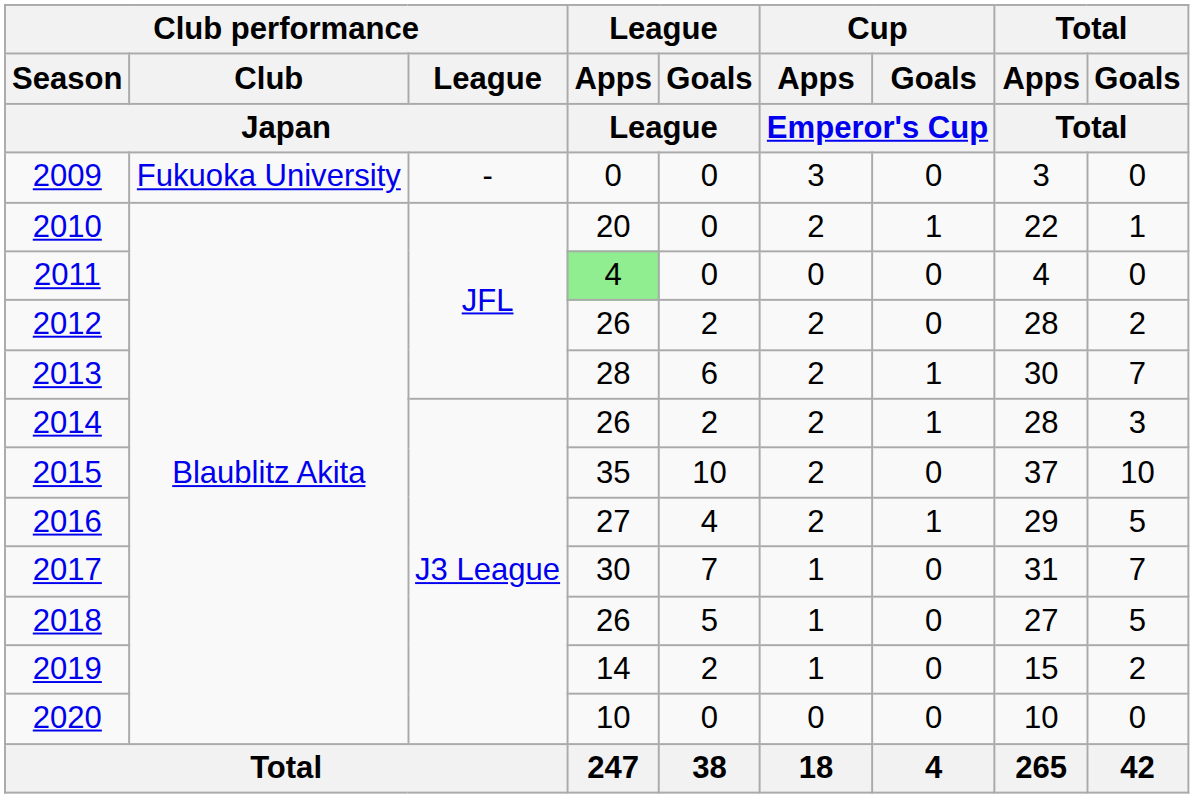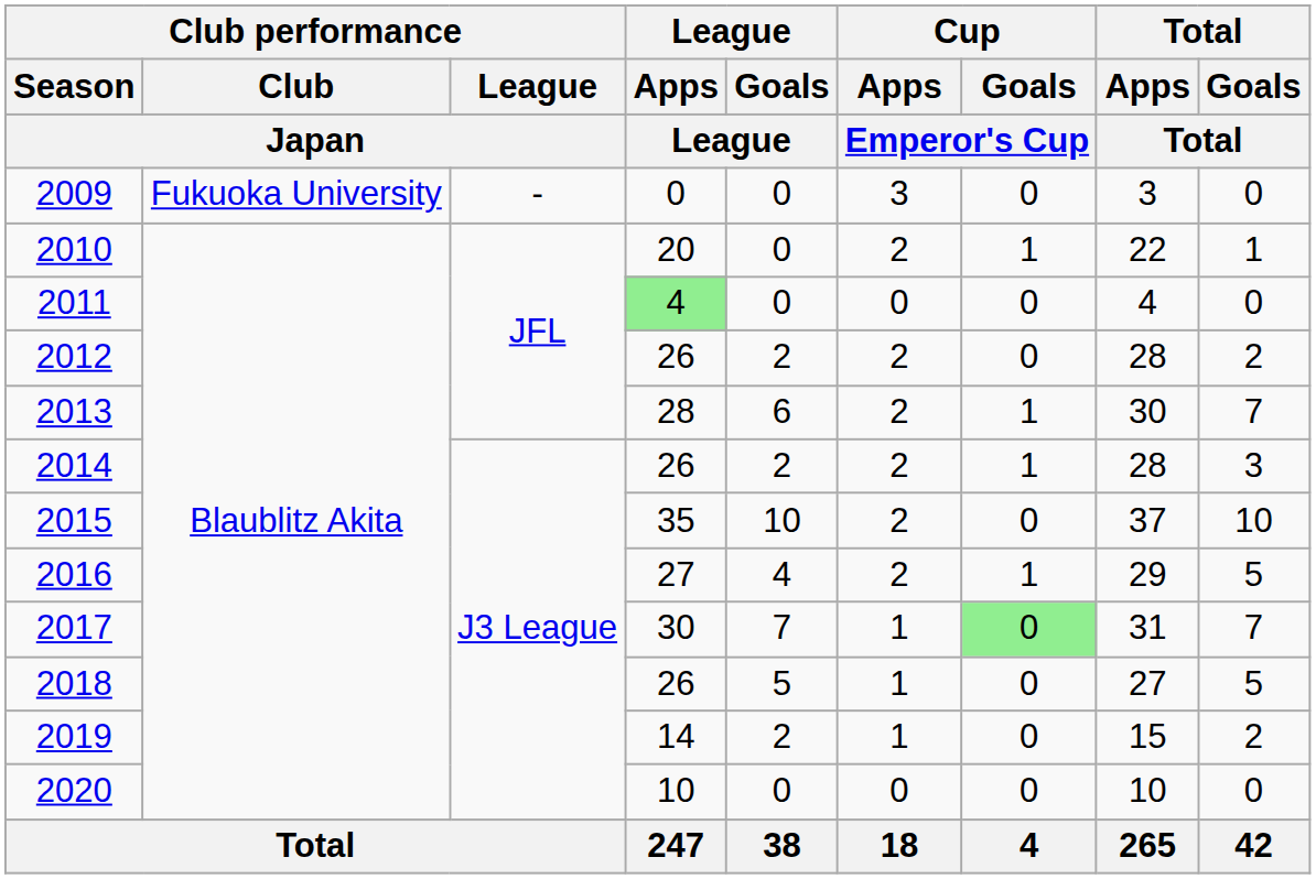 <table class="wikitable" style="text-align:center;">
 <tr>
 <th colspan=3>Club performance</th>
 <th colspan=2>League</th>
 <th colspan=2>Cup</th>
 <th colspan=2>Total</th>
 </tr>
 <tr>
 <th>Season</th>
 <th>Club</th>
 <th>League</th>
 <th>Apps</th>
 <th>Goals</th>
 <th>Apps</th>
 <th>Goals</th>
 <th>Apps</th>
 <th>Goals</th>
 </tr>
 <tr>
 <th colspan=3>Japan</th>
 <th colspan=2>League</th>
 <th colspan=2><a href='#'>Emperor's Cup</a></th>
 <th colspan=2>Total</th>
 </tr>
 <tr>
 <td><a href='#'>2009</a></td>
 <td><a href='#'>Fukuoka University</a></td>
 <td>-</td>
 <td>0</td>
 <td>0</td>
 <td>3</td>
 <td>0</td>
 <td>3</td>
 <td>0</td>
 </tr>
 <tr>
 <td><a href='#'>2010</a></td>
 <td rowspan="11"><a href='#'>Blaublitz Akita</a></td>
 <td rowspan="4"><a href='#'>JFL</a></td>
 <td>20</td>
 <td>0</td>
 <td>2</td>
 <td>1</td>
 <td>22</td>
 <td>1</td>
 </tr>
 <tr>
 <td><a href='#'>2011</a></td>
 <td style="background: lightgreen;">4</td>
 <td>0</td>
 <td>0</td>
 <td>0</td>
 <td>4</td>
 <td>0</td>
 </tr>
 <tr>
 <td><a href='#'>2012</a></td>
 <td>26</td>
 <td>2</td>
 <td>2</td>
 <td>0</td>
 <td>28</td>
 <td>2</td>
 </tr>
 <tr>
 <td><a href='#'>2013</a></td>
 <td>28</td>
 <td>6</td>
 <td>2</td>
 <td>1</td>
 <td>30</td>
 <td>7</td>
 </tr>
 <tr>
 <td><a href='#'>2014</a></td>
 <td rowspan="7"><a href='#'>J3 League</a></td>
 <td>26</td>
 <td>2</td>
 <td>2</td>
 <td>1</td>
 <td>28</td>
 <td>3</td>
 </tr>
 <tr>
 <td><a href='#'>2015</a></td>
 <td>35</td>
 <td>10</td>
 <td>2</td>
 <td>0</td>
 <td>37</td>
 <td>10</td>
 </tr>
 <tr>
 <td><a href='#'>2016</a></td>
 <td>27</td>
 <td>4</td>
 <td>2</td>
 <td>1</td>
 <td>29</td>
 <td>5</td>
 </tr>
 <tr>
 <td><a href='#'>2017</a></td>
 <td>30</td>
 <td>7</td>
 <td>1</td>
-<td>0</td>
+<td style="background: lightgreen;">0</td>
 <td>31</td>
 <td>7</td>
 </tr>
 <tr>
 <td><a href='#'>2018</a></td>
 <td>26</td>
 <td>5</td>
 <td>1</td>
 <td>0</td>
 <td>27</td>
 <td>5</td>
 </tr>
 <tr>
 <td><a href='#'>2019</a></td>
 <td>14</td>
 <td>2</td>
 <td>1</td>
 <td>0</td>
 <td>15</td>
 <td>2</td>
 </tr>
 <tr>
 <td><a href='#'>2020</a></td>
 <td>10</td>
 <td>0</td>
 <td>0</td>
 <td>0</td>
 <td>10</td>
 <td>0</td>
 </tr>
 <tr>
 <th colspan=3>Total</th>
 <th>247</th>
 <th>38</th>
 <th>18</th>
 <th>4</th>
 <th>265</th>
 <th>42</th>
 </tr>
 </table>
